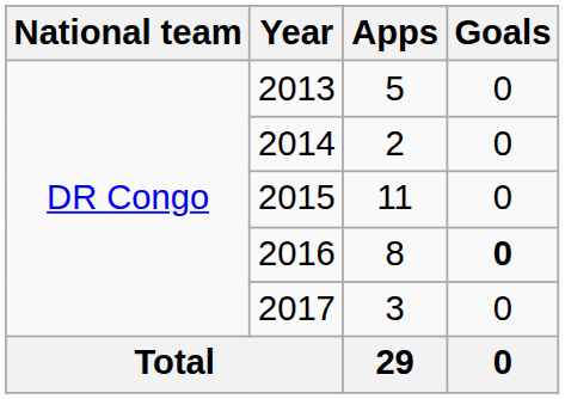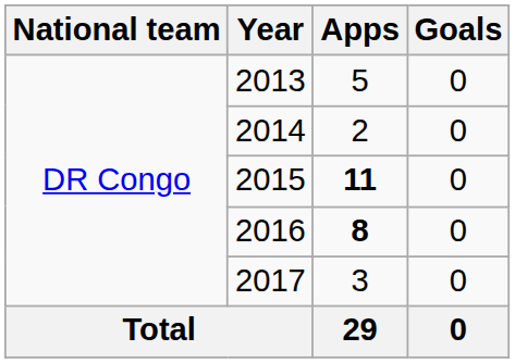 <table class=wikitable style="text-align: center">
 <tr>
 <th>National team</th>
 <th>Year</th>
 <th>Apps</th>
 <th>Goals</th>
 </tr>
 <tr>
 <td rowspan=5><a href='#'>DR Congo</a></td>
 <td>2013</td>
 <td>5</td>
 <td>0</td>
 </tr>
 <tr>
 <td>2014</td>
 <td>2</td>
 <td>0</td>
 </tr>
 <tr>
 <td>2015</td>
-<td>11</td>
+<td><strong>11</strong></td>
 <td>0</td>
 </tr>
 <tr>
 <td>2016</td>
-<td>8</td>
-<td><strong>0</strong></td>
+<td><strong>8</strong></td>
+<td>0</td>
 </tr>
 <tr>
 <td>2017</td>
 <td>3</td>
 <td>0</td>
 </tr>
 <tr>
 <th colspan=2>Total</th>
 <th>29</th>
 <th>0</th>
 </tr>
 </table>
